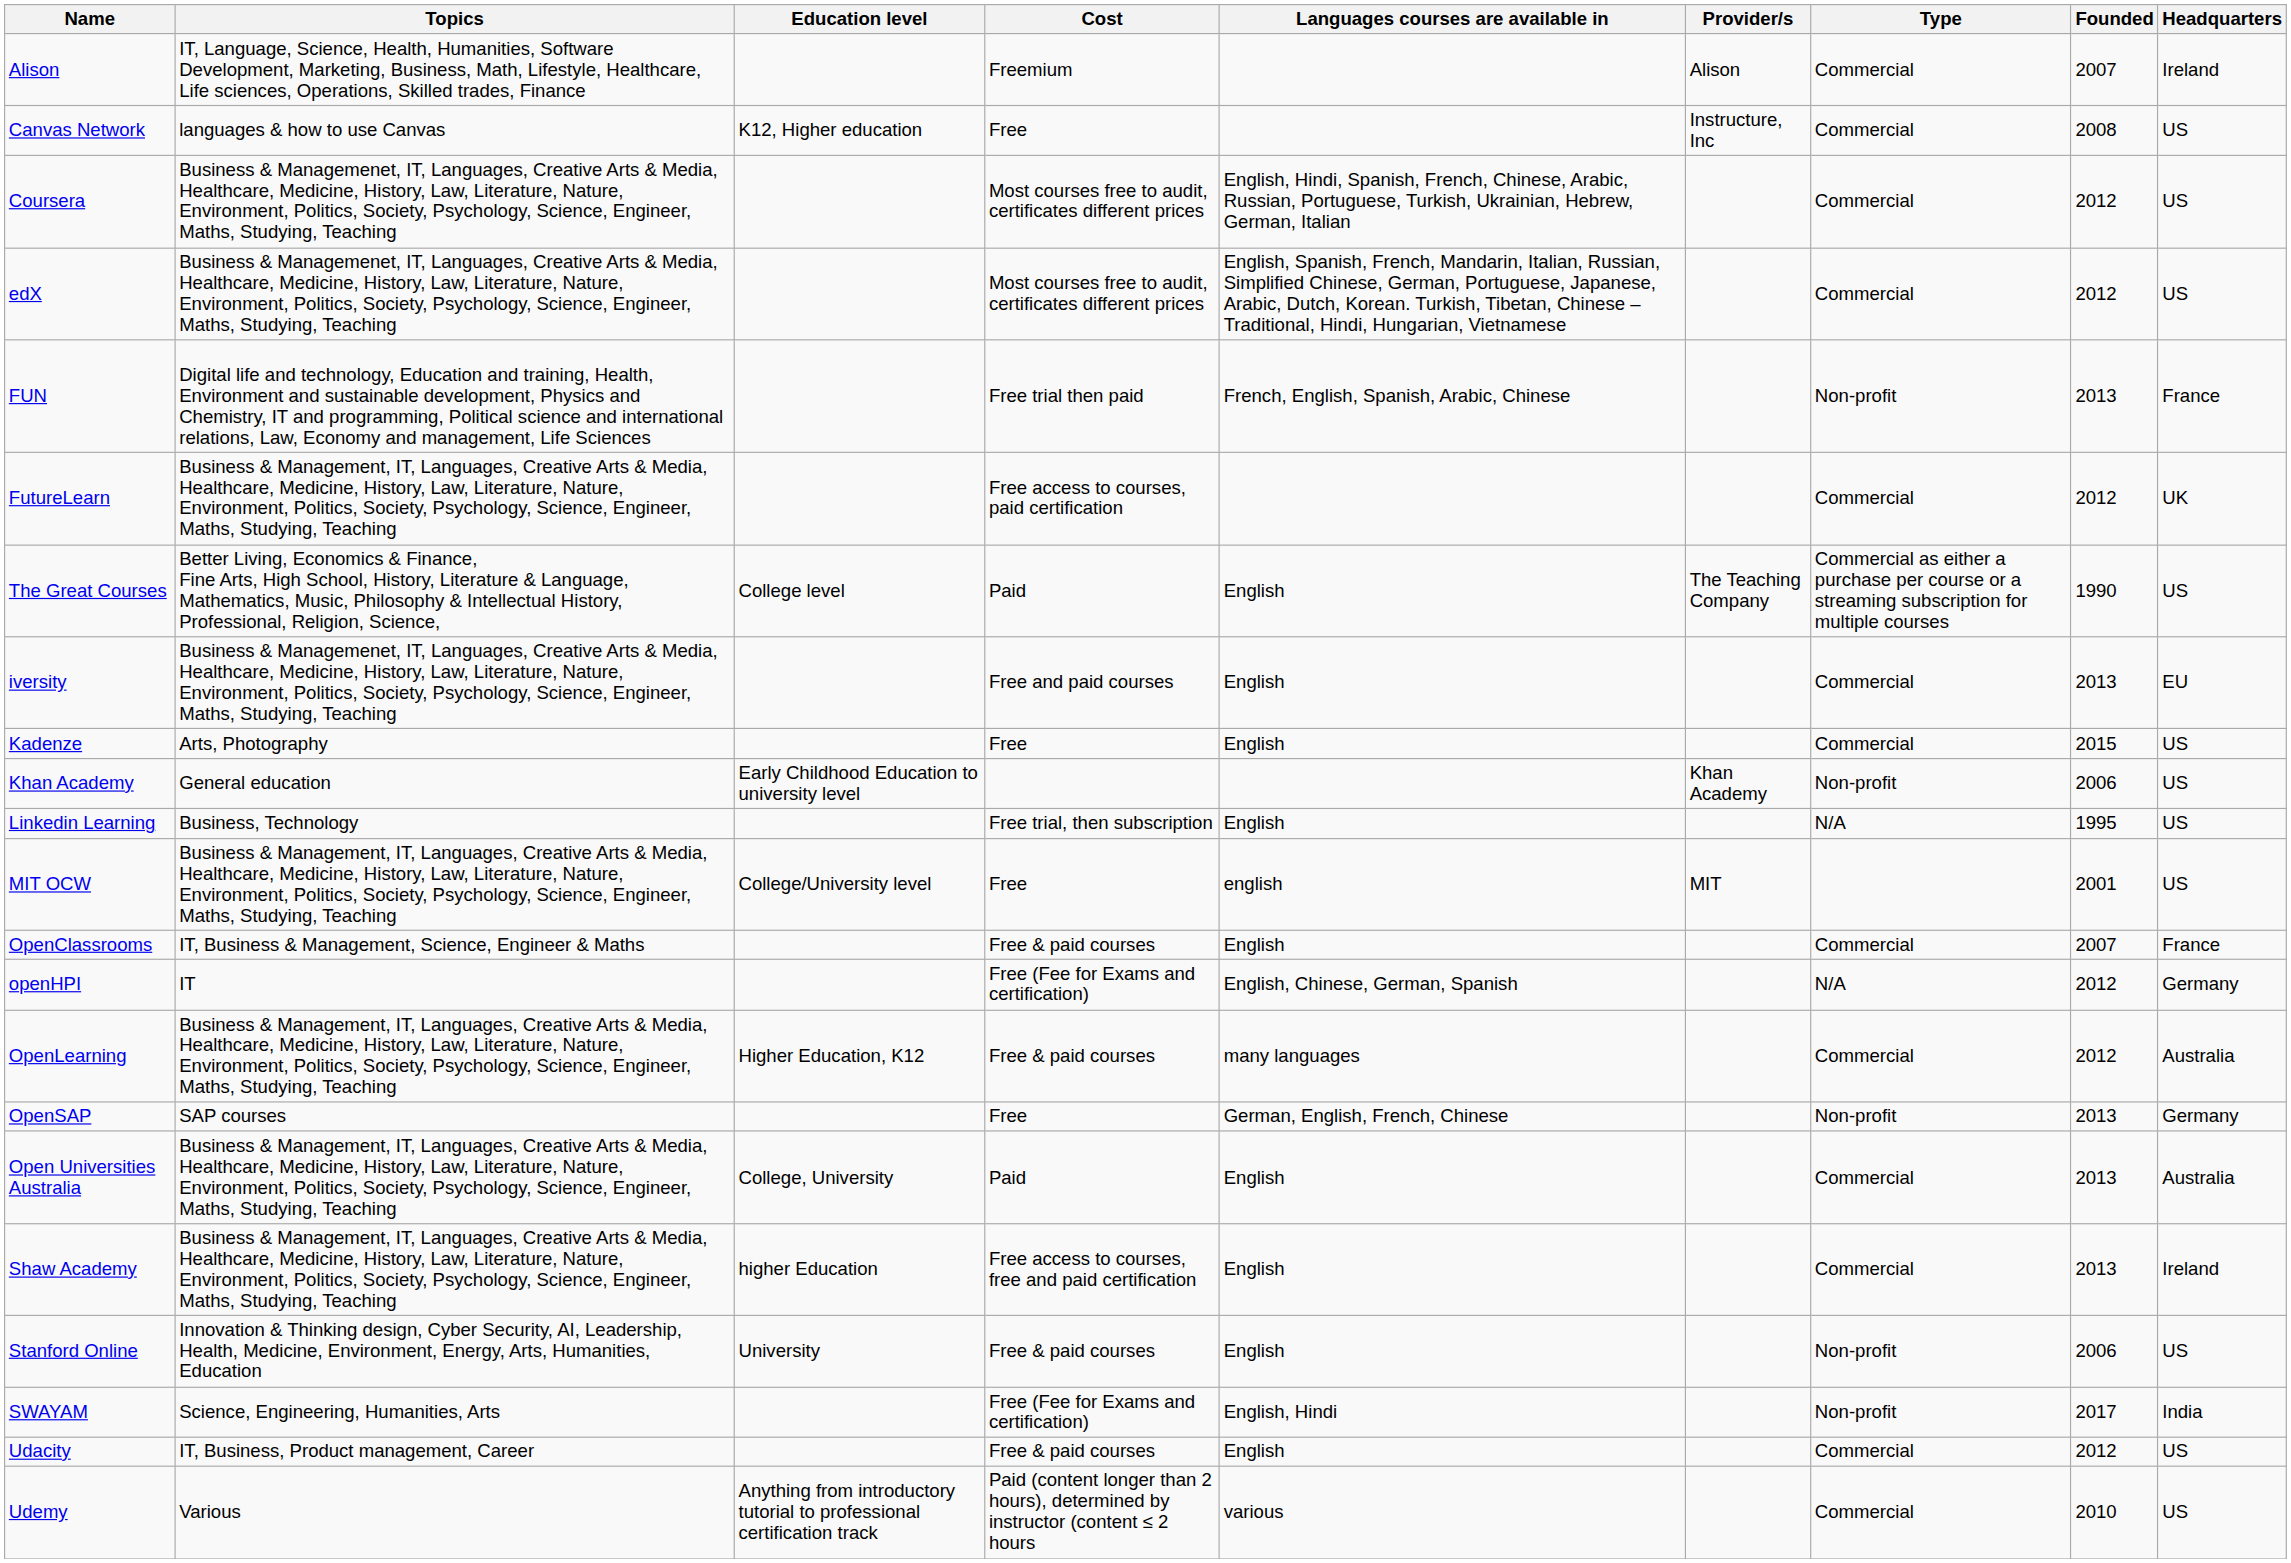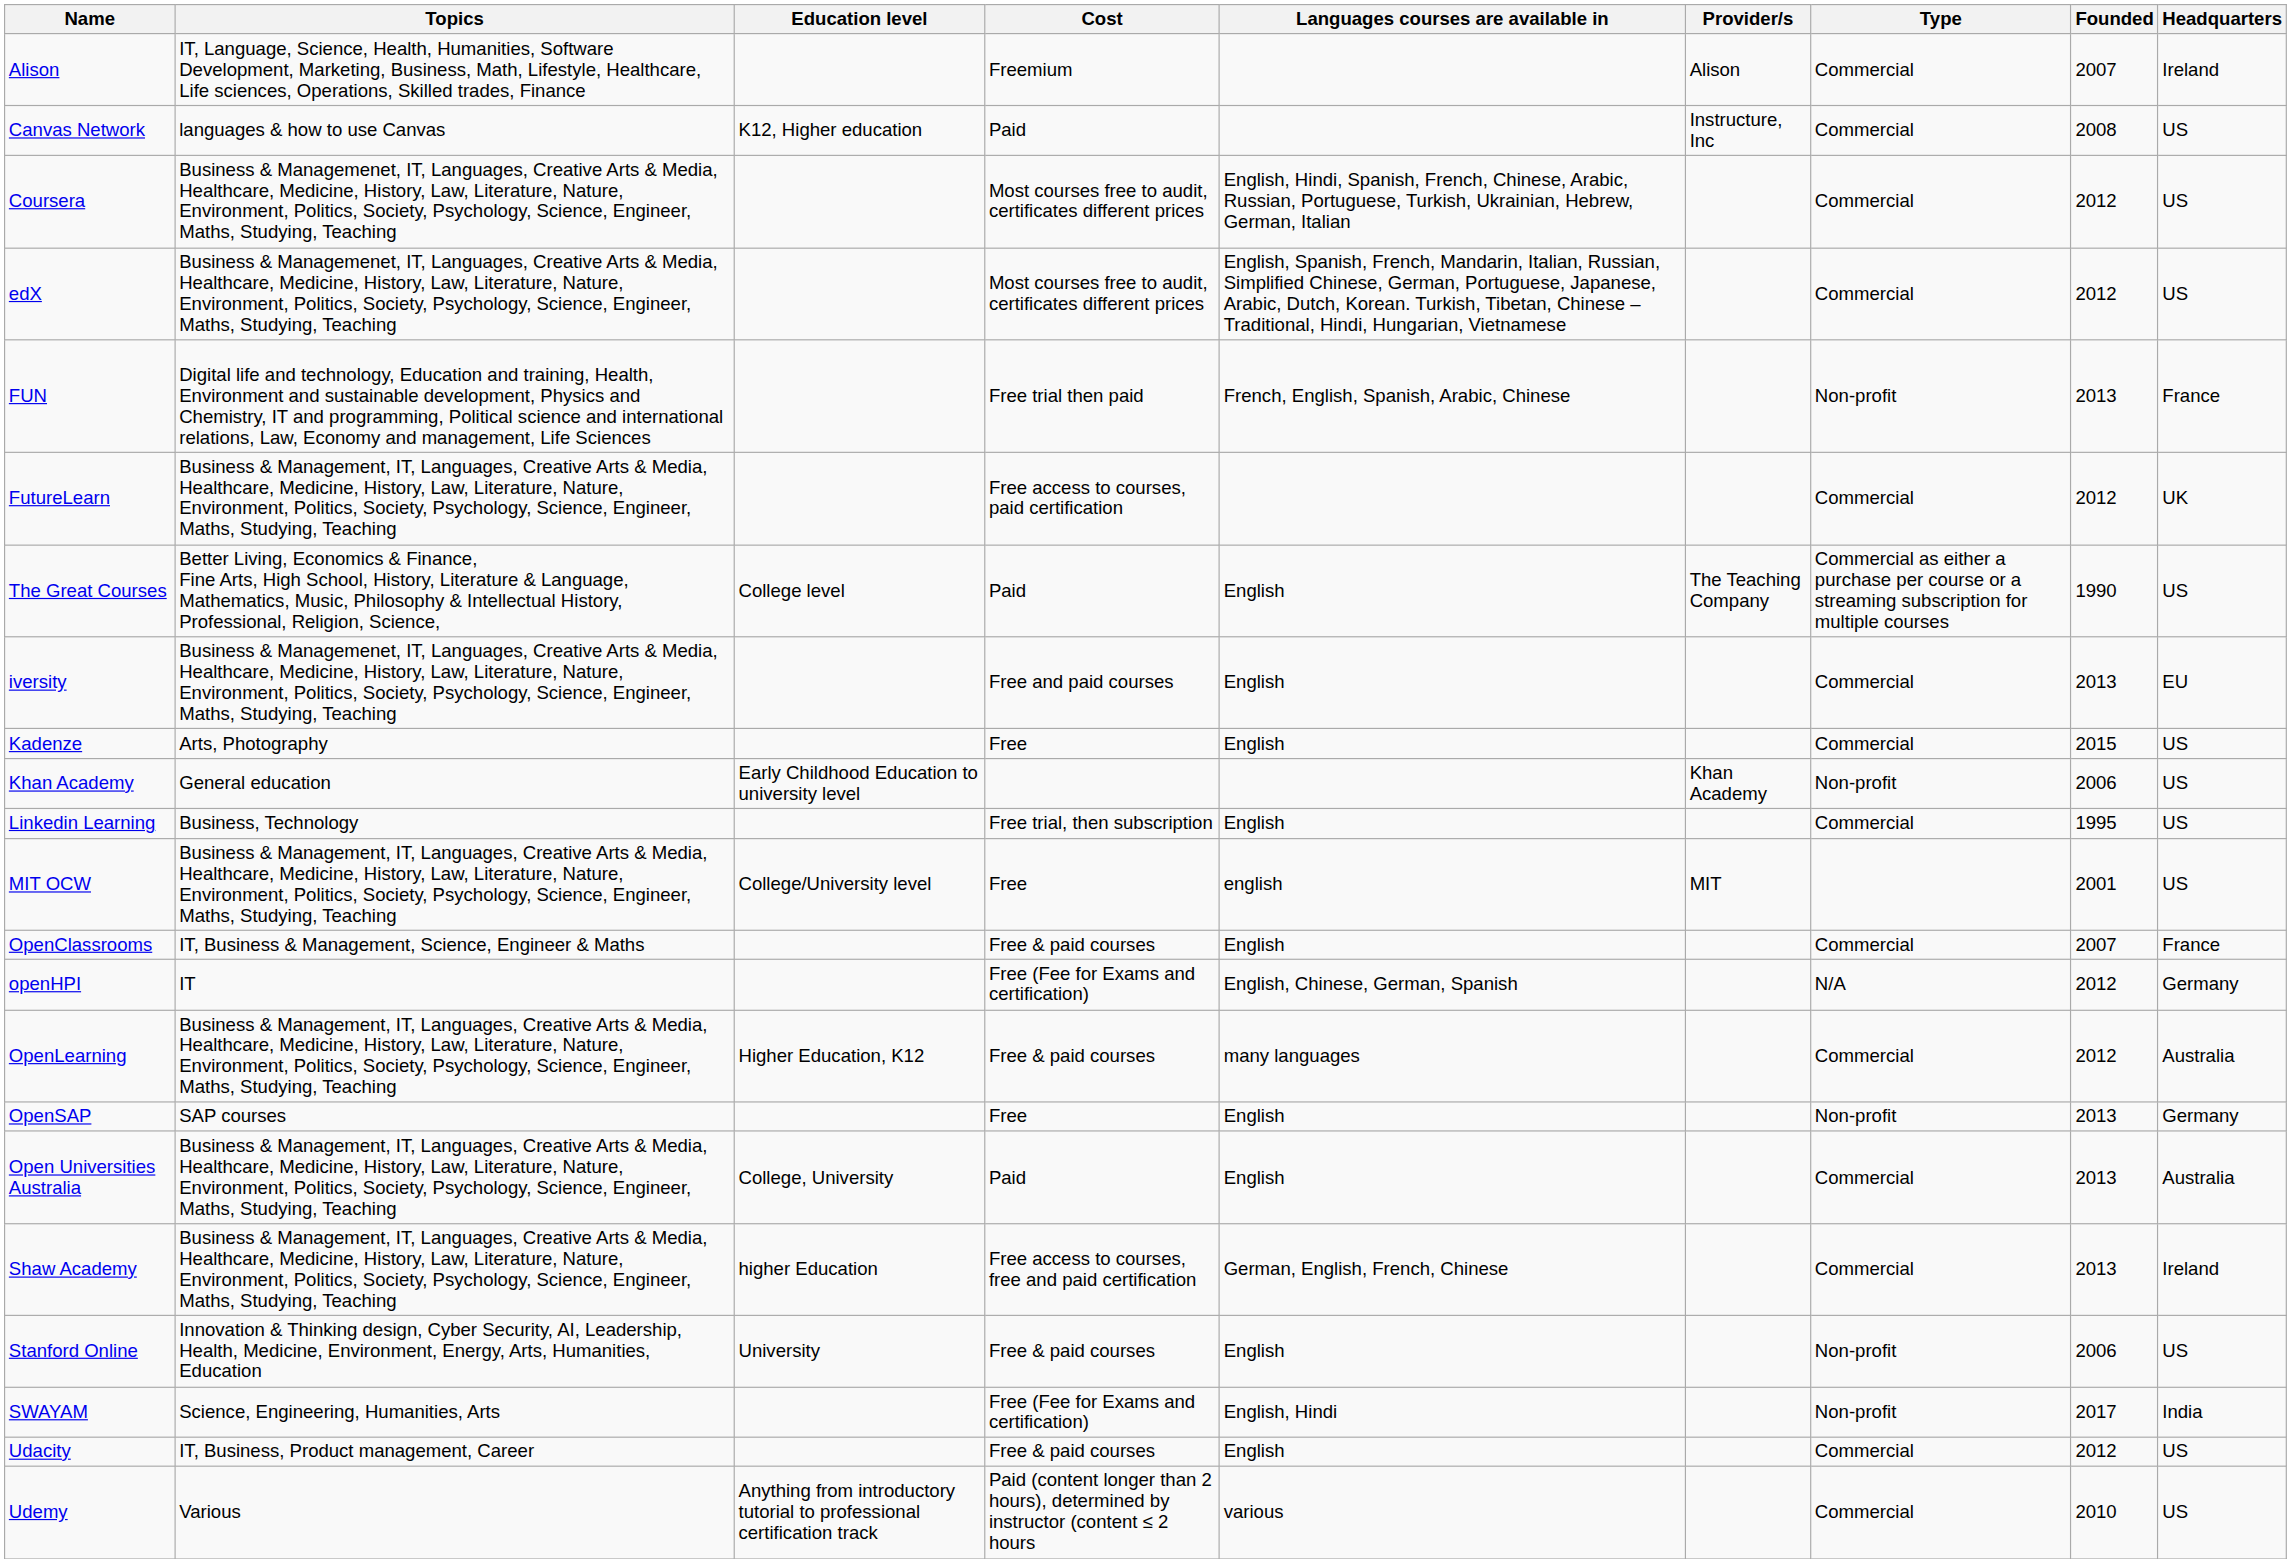 <table class="wikitable sortable">
 <tr>
 <th>Name</th>
 <th>Topics</th>
 <th>Education level</th>
 <th>Cost</th>
 <th>Languages courses are available in</th>
 <th>Provider/s</th>
 <th>Type</th>
 <th>Founded</th>
 <th>Headquarters</th>
 </tr>
 <tr>
 <td><a href='#'>Alison</a></td>
 <td>IT, Language, Science, Health, Humanities, Software Development, Marketing, Business, Math, Lifestyle, Healthcare, Life sciences, Operations, Skilled trades, Finance</td>
 <td></td>
 <td>Freemium</td>
 <td></td>
 <td>Alison</td>
 <td>Commercial</td>
 <td>2007</td>
 <td>Ireland</td>
 </tr>
 <tr>
 <td><a href='#'>Canvas Network</a></td>
 <td>languages & how to use Canvas</td>
 <td>K12, Higher education</td>
-<td>Free</td>
+<td>Paid</td>
 <td></td>
 <td>Instructure, Inc</td>
 <td>Commercial</td>
 <td>2008</td>
 <td>US</td>
 </tr>
 <tr>
 <td><a href='#'>Coursera</a></td>
 <td>Business & Managemenet, IT, Languages, Creative Arts & Media, Healthcare, Medicine, History, Law, Literature, Nature, Environment, Politics, Society, Psychology, Science, Engineer, Maths, Studying, Teaching</td>
 <td></td>
 <td>Most courses free to audit, certificates different prices</td>
 <td>English, Hindi, Spanish, French, Chinese, Arabic, Russian, Portuguese, Turkish, Ukrainian, Hebrew, German, Italian</td>
 <td></td>
 <td>Commercial</td>
 <td>2012</td>
 <td>US</td>
 </tr>
 <tr>
 <td><a href='#'>edX</a></td>
 <td>Business & Managemenet, IT, Languages, Creative Arts & Media, Healthcare, Medicine, History, Law, Literature, Nature, Environment, Politics, Society, Psychology, Science, Engineer, Maths, Studying, Teaching</td>
 <td></td>
 <td>Most courses free to audit, certificates different prices</td>
 <td>English, Spanish, French, Mandarin, Italian, Russian, Simplified Chinese, German, Portuguese, Japanese, Arabic, Dutch, Korean. Turkish, Tibetan, Chinese – Traditional, Hindi, Hungarian, Vietnamese</td>
 <td></td>
 <td>Commercial</td>
 <td>2012</td>
 <td>US</td>
 </tr>
 <tr>
 <td><a href='#'>FUN</a></td>
 <td><br>Digital life and technology, Education and training, Health, Environment and sustainable development, Physics and Chemistry, IT and programming, Political science and international relations, Law, Economy and management, Life Sciences</td>
 <td></td>
 <td>Free trial then paid</td>
 <td>French, English, Spanish, Arabic, Chinese</td>
 <td></td>
 <td>Non-profit</td>
 <td>2013</td>
 <td>France</td>
 </tr>
 <tr>
 <td><a href='#'>FutureLearn</a></td>
 <td>Business & Management, IT, Languages, Creative Arts & Media, Healthcare, Medicine, History, Law, Literature, Nature, Environment, Politics, Society, Psychology, Science, Engineer, Maths, Studying, Teaching</td>
 <td></td>
 <td>Free access to courses, paid certification</td>
 <td></td>
 <td></td>
 <td>Commercial</td>
 <td>2012</td>
 <td>UK</td>
 </tr>
 <tr>
 <td><a href='#'>The Great Courses</a></td>
 <td>Better Living, Economics & Finance,<br>Fine Arts, High School, History, Literature & Language, Mathematics, Music, Philosophy & Intellectual History, Professional, Religion, Science,</td>
 <td>College level</td>
 <td>Paid</td>
 <td>English</td>
 <td>The Teaching Company</td>
 <td>Commercial as either a purchase per course or a streaming subscription for multiple courses</td>
 <td>1990</td>
 <td>US</td>
 </tr>
 <tr>
 <td><a href='#'>iversity</a></td>
 <td>Business & Managemenet, IT, Languages, Creative Arts & Media, Healthcare, Medicine, History, Law, Literature, Nature, Environment, Politics, Society, Psychology, Science, Engineer, Maths, Studying, Teaching</td>
 <td></td>
 <td>Free and paid courses</td>
 <td>English</td>
 <td></td>
 <td>Commercial</td>
 <td>2013</td>
 <td>EU</td>
 </tr>
 <tr>
 <td><a href='#'>Kadenze</a></td>
 <td>Arts, Photography</td>
 <td></td>
 <td>Free</td>
 <td>English</td>
 <td></td>
 <td>Commercial</td>
 <td>2015</td>
 <td>US</td>
 </tr>
 <tr>
 <td><a href='#'>Khan Academy</a></td>
 <td>General education</td>
 <td>Early Childhood Education to university level</td>
 <td></td>
 <td></td>
 <td>Khan Academy</td>
 <td>Non-profit</td>
 <td>2006</td>
 <td>US</td>
 </tr>
 <tr>
 <td><a href='#'>Linkedin Learning</a></td>
 <td>Business, Technology</td>
 <td></td>
 <td>Free trial, then subscription</td>
 <td>English</td>
 <td></td>
-<td>N/A</td>
+<td>Commercial</td>
 <td>1995</td>
 <td>US</td>
 </tr>
 <tr>
 <td><a href='#'>MIT OCW</a></td>
 <td>Business & Management, IT, Languages, Creative Arts & Media, Healthcare, Medicine, History, Law, Literature, Nature, Environment, Politics, Society, Psychology, Science, Engineer, Maths, Studying, Teaching</td>
 <td>College/University level</td>
 <td>Free</td>
 <td>english</td>
 <td>MIT</td>
 <td></td>
 <td>2001</td>
 <td>US</td>
 </tr>
 <tr>
 <td><a href='#'>OpenClassrooms</a></td>
 <td>IT, Business & Management, Science, Engineer & Maths</td>
 <td></td>
 <td>Free & paid courses</td>
 <td>English</td>
 <td></td>
 <td>Commercial</td>
 <td>2007</td>
 <td>France</td>
 </tr>
 <tr>
 <td><a href='#'>openHPI</a></td>
 <td>IT</td>
 <td></td>
 <td>Free (Fee for Exams and certification)</td>
 <td>English, Chinese, German, Spanish</td>
 <td></td>
 <td>N/A</td>
 <td>2012</td>
 <td>Germany</td>
 </tr>
 <tr>
 <td><a href='#'>OpenLearning</a></td>
 <td>Business & Management, IT, Languages, Creative Arts & Media, Healthcare, Medicine, History, Law, Literature, Nature, Environment, Politics, Society, Psychology, Science, Engineer, Maths, Studying, Teaching</td>
 <td>Higher Education, K12</td>
 <td>Free & paid courses</td>
 <td>many languages</td>
 <td></td>
 <td>Commercial</td>
 <td>2012</td>
 <td>Australia</td>
 </tr>
 <tr>
 <td><a href='#'>OpenSAP</a></td>
 <td>SAP courses</td>
 <td></td>
 <td>Free</td>
-<td>German, English, French, Chinese</td>
+<td>English</td>
 <td></td>
 <td>Non-profit</td>
 <td>2013</td>
 <td>Germany</td>
 </tr>
 <tr>
 <td><a href='#'>Open Universities Australia</a></td>
 <td>Business & Management, IT, Languages, Creative Arts & Media, Healthcare, Medicine, History, Law, Literature, Nature, Environment, Politics, Society, Psychology, Science, Engineer, Maths, Studying, Teaching</td>
 <td>College, University</td>
 <td>Paid</td>
 <td>English</td>
 <td></td>
 <td>Commercial</td>
 <td>2013</td>
 <td>Australia</td>
 </tr>
 <tr>
 <td><a href='#'>Shaw Academy</a></td>
 <td>Business & Management, IT, Languages, Creative Arts & Media, Healthcare, Medicine, History, Law, Literature, Nature, Environment, Politics, Society, Psychology, Science, Engineer, Maths, Studying, Teaching</td>
 <td>higher Education</td>
 <td>Free access to courses, free and paid certification</td>
-<td>English</td>
+<td>German, English, French, Chinese</td>
 <td></td>
 <td>Commercial</td>
 <td>2013</td>
 <td>Ireland</td>
 </tr>
 <tr>
 <td><a href='#'>Stanford Online</a></td>
 <td>Innovation & Thinking design, Cyber Security, AI, Leadership, Health, Medicine, Environment, Energy, Arts, Humanities, Education</td>
 <td>University</td>
 <td>Free & paid courses</td>
 <td>English</td>
 <td></td>
 <td>Non-profit</td>
 <td>2006</td>
 <td>US</td>
 </tr>
 <tr>
 <td><a href='#'>SWAYAM</a></td>
 <td>Science, Engineering, Humanities, Arts</td>
 <td></td>
 <td>Free (Fee for Exams and certification)</td>
 <td>English, Hindi</td>
 <td></td>
 <td>Non-profit</td>
 <td>2017</td>
 <td>India</td>
 </tr>
 <tr>
 <td><a href='#'>Udacity</a></td>
 <td>IT, Business, Product management, Career</td>
 <td></td>
 <td>Free & paid courses</td>
 <td>English</td>
 <td></td>
 <td>Commercial</td>
 <td>2012</td>
 <td>US</td>
 </tr>
 <tr>
 <td><a href='#'>Udemy</a></td>
 <td>Various</td>
 <td>Anything from introductory tutorial to professional certification track</td>
 <td>Paid (content longer than 2 hours), determined by instructor (content ≤ 2 hours</td>
 <td>various</td>
 <td></td>
 <td>Commercial</td>
 <td>2010</td>
 <td>US</td>
 </tr>
 </table>
